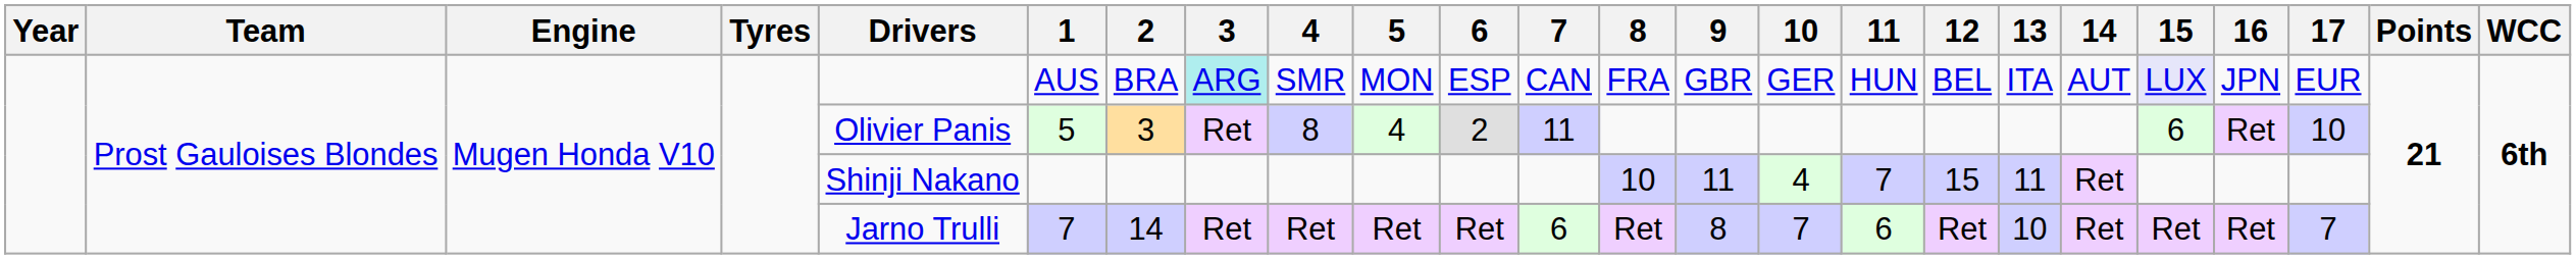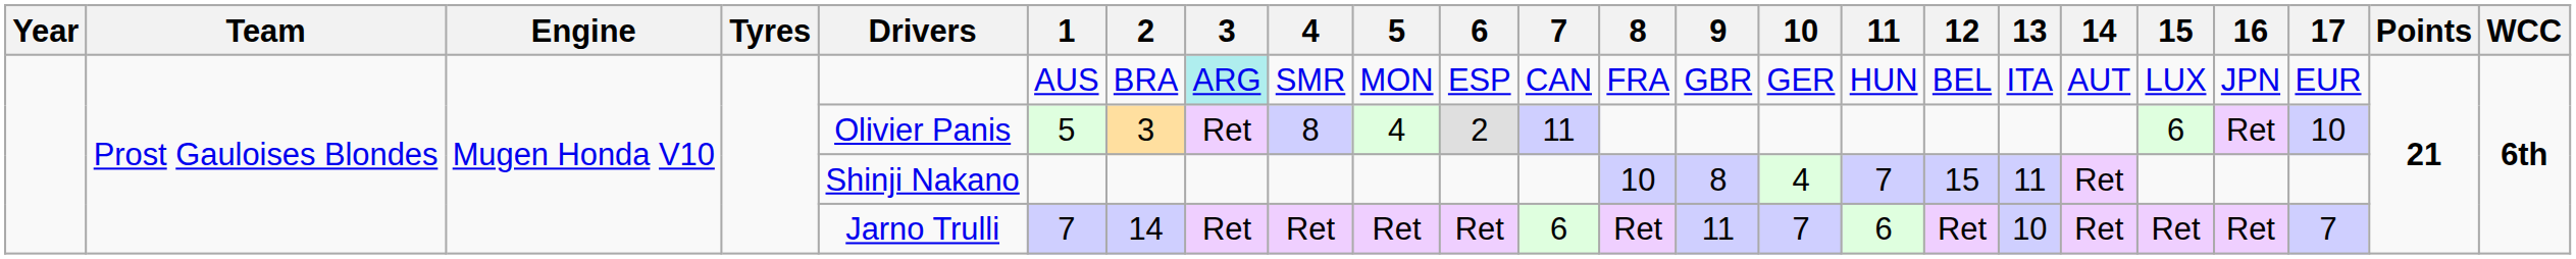 <table class="wikitable" style="text-align:center; font-size:95%">
 <tr>
 <th>Year</th>
 <th>Team</th>
 <th>Engine</th>
 <th>Tyres</th>
 <th>Drivers</th>
 <th>1</th>
 <th>2</th>
 <th>3</th>
 <th>4</th>
 <th>5</th>
 <th>6</th>
 <th>7</th>
 <th>8</th>
 <th>9</th>
 <th>10</th>
 <th>11</th>
 <th>12</th>
 <th>13</th>
 <th>14</th>
 <th>15</th>
 <th>16</th>
 <th>17</th>
 <th>Points</th>
 <th>WCC</th>
 </tr>
 <tr>
 <td rowspan="4"></td>
 <td rowspan="4"><a href='#'>Prost</a> <a href='#'>Gauloises Blondes</a></td>
 <td rowspan="4"><a href='#'>Mugen Honda</a> <a href='#'>V10</a></td>
 <td rowspan="4"></td>
 <td></td>
 <td><a href='#'>AUS</a></td>
 <td><a href='#'>BRA</a></td>
 <td style="background: paleturquoise;"><a href='#'>ARG</a></td>
 <td><a href='#'>SMR</a></td>
 <td><a href='#'>MON</a></td>
 <td><a href='#'>ESP</a></td>
 <td><a href='#'>CAN</a></td>
 <td><a href='#'>FRA</a></td>
 <td><a href='#'>GBR</a></td>
 <td><a href='#'>GER</a></td>
 <td><a href='#'>HUN</a></td>
 <td><a href='#'>BEL</a></td>
 <td><a href='#'>ITA</a></td>
 <td><a href='#'>AUT</a></td>
-<td style="background: lavender;"><a href='#'>LUX</a></td>
+<td><a href='#'>LUX</a></td>
 <td><a href='#'>JPN</a></td>
 <td><a href='#'>EUR</a></td>
 <td rowspan="4"><strong>21</strong></td>
 <td rowspan="4"><strong>6th</strong></td>
 </tr>
 <tr>
 <td><a href='#'>Olivier Panis</a></td>
 <td style="background:#DFFFDF;">5</td>
 <td style="background:#FFDF9F;">3</td>
 <td style="background:#EFCFFF;">Ret</td>
 <td style="background:#CFCFFF;">8</td>
 <td style="background:#DFFFDF;">4</td>
 <td style="background:#DFDFDF;">2</td>
 <td style="background:#CFCFFF;">11</td>
 <td></td>
 <td></td>
 <td></td>
 <td></td>
 <td></td>
 <td></td>
 <td></td>
 <td style="background:#DFFFDF;">6</td>
 <td style="background:#EFCFFF;">Ret</td>
 <td style="background:#CFCFFF;">10</td>
 </tr>
 <tr>
 <td><a href='#'>Shinji Nakano</a></td>
 <td></td>
 <td></td>
 <td></td>
 <td></td>
 <td></td>
 <td></td>
 <td></td>
 <td style="background:#CFCFFF;">10</td>
-<td style="background:#CFCFFF;">11</td>
+<td style="background:#CFCFFF;">8</td>
 <td style="background:#DFFFDF;">4</td>
 <td style="background:#CFCFFF;">7</td>
 <td style="background:#CFCFFF;">15</td>
 <td style="background:#CFCFFF;">11</td>
 <td style="background:#EFCFFF;">Ret</td>
 <td></td>
 <td></td>
 <td></td>
 </tr>
 <tr>
 <td><a href='#'>Jarno Trulli</a></td>
 <td style="background:#CFCFFF;">7</td>
 <td style="background:#CFCFFF;">14</td>
 <td style="background:#EFCFFF;">Ret</td>
 <td style="background:#EFCFFF;">Ret</td>
 <td style="background:#EFCFFF;">Ret</td>
 <td style="background:#EFCFFF;">Ret</td>
 <td style="background:#DFFFDF;">6</td>
 <td style="background:#EFCFFF;">Ret</td>
-<td style="background:#CFCFFF;">8</td>
+<td style="background:#CFCFFF;">11</td>
 <td style="background:#CFCFFF;">7</td>
 <td style="background:#DFFFDF;">6</td>
 <td style="background:#EFCFFF;">Ret</td>
 <td style="background:#CFCFFF;">10</td>
 <td style="background:#EFCFFF;">Ret</td>
 <td style="background:#EFCFFF;">Ret</td>
 <td style="background:#EFCFFF;">Ret</td>
 <td style="background:#CFCFFF;">7</td>
 </tr>
 </table>
